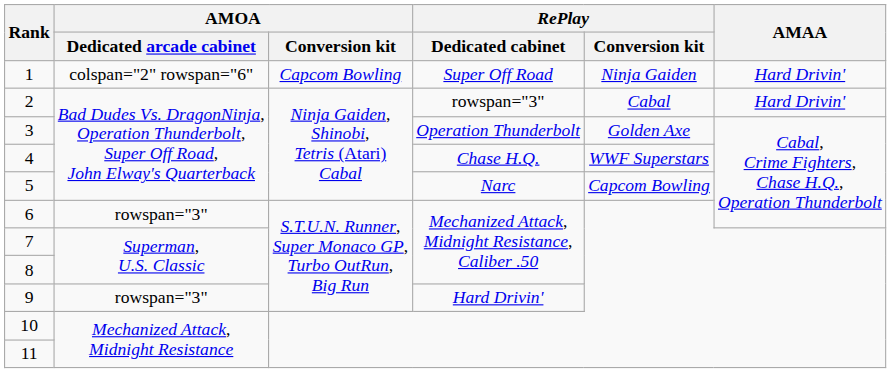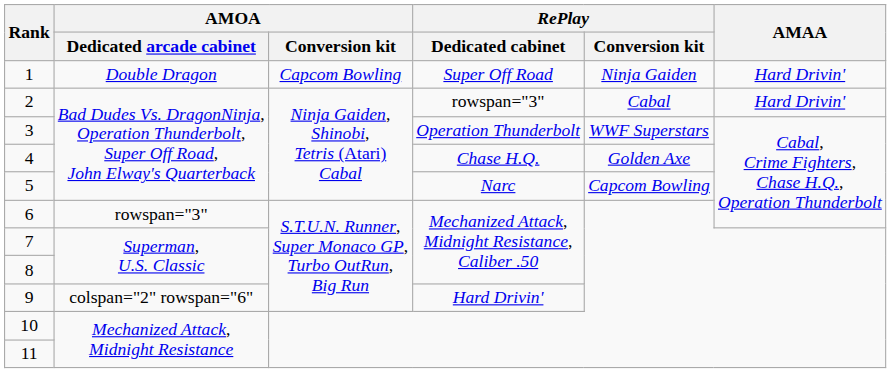 <table class="wikitable" style="text-align:center">
 <tr>
 <th rowspan="2">Rank</th>
 <th colspan="2">AMOA</th>
 <th colspan="2"><em>RePlay</em></th>
 <th rowspan="2">AMAA</th>
 </tr>
 <tr>
 <th>Dedicated <a href='#'>arcade cabinet</a></th>
 <th>Conversion kit</th>
 <th>Dedicated cabinet</th>
 <th>Conversion kit</th>
 </tr>
 <tr>
 <td>1</td>
-<td>colspan="2" rowspan="6" </td>
+<td><em><a href='#'>Double Dragon</a></em></td>
 <td><em><a href='#'>Capcom Bowling</a></em></td>
 <td><em><a href='#'>Super Off Road</a></em></td>
 <td><em><a href='#'>Ninja Gaiden</a></em></td>
 <td><em><a href='#'>Hard Drivin'</a></em></td>
 </tr>
 <tr>
 <td>2</td>
 <td rowspan="4"><em><a href='#'>Bad Dudes Vs. DragonNinja</a></em>, <br> <em><a href='#'>Operation Thunderbolt</a></em>, <br> <em><a href='#'>Super Off Road</a></em>, <br> <em><a href='#'>John Elway's Quarterback</a></em></td>
 <td rowspan="4"><em><a href='#'>Ninja Gaiden</a></em>, <br> <em><a href='#'>Shinobi</a></em>, <br> <a href='#'><em>Tetris</em> (Atari)</a> <br> <em><a href='#'>Cabal</a></em></td>
 <td>rowspan="3" </td>
 <td><em><a href='#'>Cabal</a></em></td>
 <td><em><a href='#'>Hard Drivin'</a></em></td>
 </tr>
 <tr>
 <td>3</td>
 <td><em><a href='#'>Operation Thunderbolt</a></em></td>
-<td><em><a href='#'>Golden Axe</a></em></td>
+<td><em><a href='#'>WWF Superstars</a></em></td>
 <td rowspan="4"><em><a href='#'>Cabal</a></em>, <br> <em><a href='#'>Crime Fighters</a></em>, <br> <em><a href='#'>Chase H.Q.</a></em>, <br> <em><a href='#'>Operation Thunderbolt</a></em></td>
 </tr>
 <tr>
 <td>4</td>
 <td><em><a href='#'>Chase H.Q.</a></em></td>
-<td><em><a href='#'>WWF Superstars</a></em></td>
+<td><em><a href='#'>Golden Axe</a></em></td>
 </tr>
 <tr>
 <td>5</td>
 <td><em><a href='#'>Narc</a></em></td>
 <td><em><a href='#'>Capcom Bowling</a></em></td>
 </tr>
 <tr>
 <td>6</td>
 <td>rowspan="3" </td>
 <td rowspan="4"><em><a href='#'>S.T.U.N. Runner</a></em>, <br> <em><a href='#'>Super Monaco GP</a></em>, <br> <em><a href='#'>Turbo OutRun</a></em>, <br> <em><a href='#'>Big Run</a></em></td>
 <td rowspan="3"><em><a href='#'>Mechanized Attack</a></em>, <br> <em><a href='#'>Midnight Resistance</a></em>, <br> <em><a href='#'>Caliber .50</a></em></td>
 </tr>
 <tr>
 <td>7</td>
 <td rowspan="2"><em><a href='#'>Superman</a></em>, <br> <em><a href='#'>U.S. Classic</a></em></td>
 </tr>
 <tr>
 <td>8</td>
 </tr>
 <tr>
 <td>9</td>
-<td>rowspan="3" </td>
+<td>colspan="2" rowspan="6" </td>
 <td><em><a href='#'>Hard Drivin'</a></em></td>
 </tr>
 <tr>
 <td>10</td>
 <td rowspan="2"><em><a href='#'>Mechanized Attack</a></em>, <br> <em><a href='#'>Midnight Resistance</a></em></td>
 </tr>
 <tr>
 <td>11</td>
 </tr>
 </table>
